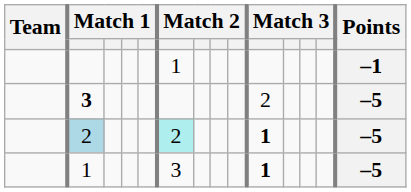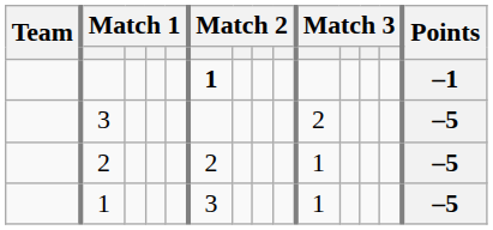 <table class="wikitable sortable" style="text-align:center;">
 <tr>
 <th rowspan=2>Team</th>
 <th colspan=4 style="border-left:3px solid gray">Match 1</th>
 <th colspan=4 style="border-left:3px solid gray">Match 2</th>
 <th colspan=4 style="border-left:3px solid gray">Match 3</th>
 <th rowspan=2 style="border-left:3px solid gray">Points</th>
 </tr>
 <tr>
 <th style="border-left:3px solid gray"></th>
 <th></th>
 <th></th>
 <th></th>
 <th style="border-left:3px solid gray"></th>
 <th></th>
 <th></th>
 <th></th>
 <th style="border-left:3px solid gray"></th>
 <th></th>
 <th></th>
 <th></th>
 </tr>
 <tr>
 <td align=left></td>
 <td style="border-left:3px solid gray"></td>
 <td></td>
 <td></td>
 <td></td>
-<td style="border-left:3px solid gray">1</td>
+<td style="border-left:3px solid gray"><strong>1</strong></td>
 <td></td>
 <td></td>
 <td></td>
 <td style="border-left:3px solid gray"></td>
 <td></td>
 <td></td>
 <td></td>
 <th style="border-left:3px solid gray">–1</th>
 </tr>
 <tr>
 <td align=left></td>
-<td style="border-left:3px solid gray"><strong>3</strong></td>
+<td style="border-left:3px solid gray">3</td>
 <td></td>
 <td></td>
 <td></td>
 <td style="border-left:3px solid gray"></td>
 <td></td>
 <td></td>
 <td></td>
 <td style="border-left:3px solid gray">2</td>
 <td></td>
 <td></td>
 <td></td>
 <th style="border-left:3px solid gray">–5</th>
 </tr>
 <tr>
 <td align=left></td>
-<td style="background: lightblue; border-left:3px solid gray">2</td>
+<td style="border-left:3px solid gray">2</td>
 <td></td>
 <td></td>
 <td></td>
-<td style="background: paleturquoise; border-left:3px solid gray">2</td>
+<td style="border-left:3px solid gray">2</td>
 <td></td>
 <td></td>
 <td></td>
-<td style="border-left:3px solid gray"><strong>1</strong></td>
+<td style="border-left:3px solid gray">1</td>
 <td></td>
 <td></td>
 <td></td>
 <th style="border-left:3px solid gray">–5</th>
 </tr>
 <tr>
 <td align=left></td>
 <td style="border-left:3px solid gray">1</td>
 <td></td>
 <td></td>
 <td></td>
 <td style="border-left:3px solid gray">3</td>
 <td></td>
 <td></td>
 <td></td>
-<td style="border-left:3px solid gray"><strong>1</strong></td>
+<td style="border-left:3px solid gray">1</td>
 <td></td>
 <td></td>
 <td></td>
 <th style="border-left:3px solid gray">–5</th>
 </tr>
 </table>
